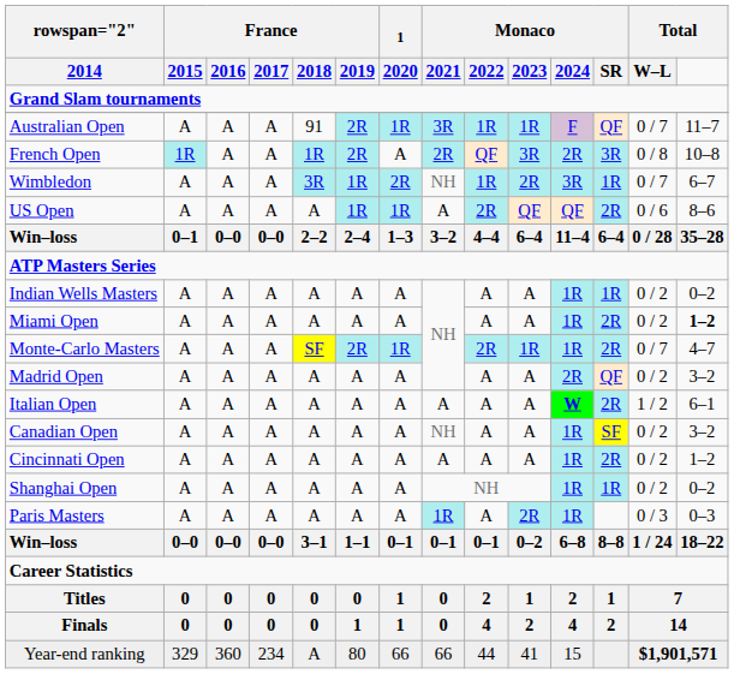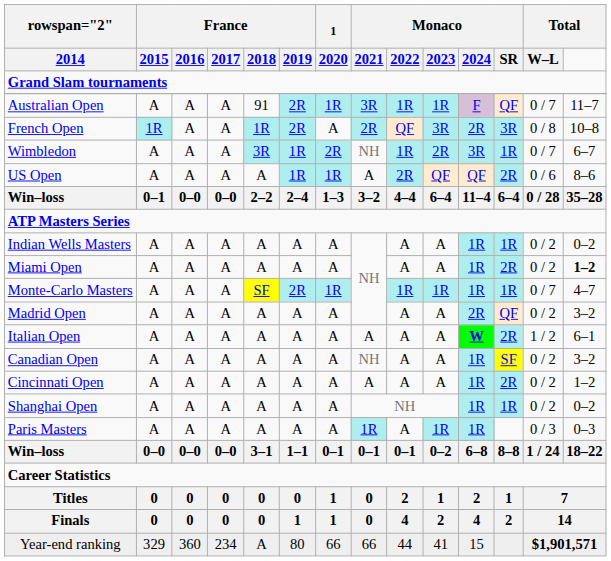 <table class=wikitable style=text-align:center;font-size:100%>
 <tr>
 <th>rowspan="2" </th>
 <th colspan=5> France</th>
 <th><br><sup>1</sup></th>
 <th colspan=5> Monaco</th>
 <th colspan=2>Total</th>
 </tr>
 <tr>
 <th><a href='#'>2014</a></th>
 <th><a href='#'>2015</a></th>
 <th><a href='#'>2016</a></th>
 <th><a href='#'>2017</a></th>
 <th><a href='#'>2018</a></th>
 <th><a href='#'>2019</a></th>
 <th><a href='#'>2020</a></th>
 <th><a href='#'>2021</a></th>
 <th><a href='#'>2022</a></th>
 <th><a href='#'>2023</a></th>
 <th><a href='#'>2024</a></th>
 <th>SR</th>
 <th>W–L</th>
 </tr>
 <tr>
 <td colspan="14" align="left"><strong><a href='#'>Grand Slam tournaments</a></strong></td>
 </tr>
 <tr>
 </tr>
 <tr>
 <td align=left><a href='#'>Australian Open</a></td>
 <td>A</td>
 <td>A</td>
 <td>A</td>
 <td>91</td>
 <td bgcolor=afeeee><a href='#'>2R</a></td>
 <td bgcolor=afeeee><a href='#'>1R</a></td>
 <td bgcolor=afeeee><a href='#'>3R</a></td>
 <td bgcolor=afeeee><a href='#'>1R</a></td>
 <td bgcolor=afeeee><a href='#'>1R</a></td>
 <td bgcolor=thistle><a href='#'>F</a></td>
 <td bgcolor=ffebcd><a href='#'>QF</a></td>
 <td>0 / 7</td>
 <td>11–7</td>
 </tr>
 <tr>
 <td align=left><a href='#'>French Open</a></td>
 <td bgcolor=afeeee><a href='#'>1R</a></td>
 <td>A</td>
 <td>A</td>
 <td bgcolor=afeeee><a href='#'>1R</a></td>
 <td bgcolor=afeeee><a href='#'>2R</a></td>
 <td>A</td>
 <td bgcolor=afeeee><a href='#'>2R</a></td>
 <td bgcolor=ffebcd><a href='#'>QF</a></td>
 <td bgcolor=afeeee><a href='#'>3R</a></td>
 <td bgcolor=afeeee><a href='#'>2R</a></td>
 <td bgcolor=afeeee><a href='#'>3R</a></td>
 <td>0 / 8</td>
 <td>10–8</td>
 </tr>
 <tr>
 <td align=left><a href='#'>Wimbledon</a></td>
 <td>A</td>
 <td>A</td>
 <td>A</td>
 <td bgcolor=afeeee><a href='#'>3R</a></td>
 <td bgcolor=afeeee><a href='#'>1R</a></td>
 <td bgcolor=afeeee><a href='#'>2R</a></td>
 <td style=color:#767676>NH</td>
 <td bgcolor=afeeee><a href='#'>1R</a></td>
 <td bgcolor=afeeee><a href='#'>2R</a></td>
 <td bgcolor=afeeee><a href='#'>3R</a></td>
 <td bgcolor=afeeee><a href='#'>1R</a></td>
 <td>0 / 7</td>
 <td>6–7</td>
 </tr>
 <tr>
 <td align=left><a href='#'>US Open</a></td>
 <td>A</td>
 <td>A</td>
 <td>A</td>
 <td>A</td>
 <td bgcolor=afeeee><a href='#'>1R</a></td>
 <td bgcolor=afeeee><a href='#'>1R</a></td>
 <td>A</td>
 <td bgcolor=afeeee><a href='#'>2R</a></td>
 <td bgcolor=ffebcd><a href='#'>QF</a></td>
 <td bgcolor=ffebcd><a href='#'>QF</a></td>
 <td bgcolor=afeeee><a href='#'>2R</a></td>
 <td>0 / 6</td>
 <td>8–6</td>
 </tr>
 <tr>
 <th style=text-align:left>Win–loss</th>
 <th>0–1</th>
 <th>0–0</th>
 <th>0–0</th>
 <th>2–2</th>
 <th>2–4</th>
 <th>1–3</th>
 <th>3–2</th>
 <th>4–4</th>
 <th>6–4</th>
 <th>11–4</th>
 <th>6–4</th>
 <th>0 / 28</th>
 <th>35–28</th>
 </tr>
 <tr>
 <td colspan="14" align="left"><strong><a href='#'>ATP Masters Series</a></strong></td>
 </tr>
 <tr>
 <td align=left><a href='#'>Indian Wells Masters</a></td>
 <td>A</td>
 <td>A</td>
 <td>A</td>
 <td>A</td>
 <td>A</td>
 <td>A</td>
 <td rowspan="4" style="color:#767676">NH</td>
 <td>A</td>
 <td>A</td>
 <td bgcolor=afeeee><a href='#'>1R</a></td>
 <td bgcolor=afeeee><a href='#'>1R</a></td>
 <td>0 / 2</td>
 <td>0–2</td>
 </tr>
 <tr>
 <td align=left><a href='#'>Miami Open</a></td>
 <td>A</td>
 <td>A</td>
 <td>A</td>
 <td>A</td>
 <td>A</td>
 <td>A</td>
 <td>A</td>
 <td>A</td>
 <td bgcolor=afeeee><a href='#'>1R</a></td>
 <td bgcolor=afeeee><a href='#'>2R</a></td>
 <td>0 / 2</td>
 <td><strong>1–2</strong></td>
 </tr>
 <tr>
 <td><a href='#'>Monte-Carlo Masters</a></td>
 <td>A</td>
 <td>A</td>
 <td>A</td>
 <td bgcolor=yellow><a href='#'>SF</a></td>
 <td bgcolor=afeeee><a href='#'>2R</a></td>
 <td bgcolor=afeeee><a href='#'>1R</a></td>
-<td bgcolor=afeeee><a href='#'>2R</a></td>
 <td bgcolor=afeeee><a href='#'>1R</a></td>
 <td bgcolor=afeeee><a href='#'>1R</a></td>
-<td bgcolor=afeeee><a href='#'>2R</a></td>
+<td bgcolor=afeeee><a href='#'>1R</a></td>
+<td bgcolor=afeeee><a href='#'>1R</a></td>
 <td>0 / 7</td>
 <td>4–7</td>
 </tr>
 <tr>
 <td align=left><a href='#'>Madrid Open</a></td>
 <td>A</td>
 <td>A</td>
 <td>A</td>
 <td>A</td>
 <td>A</td>
 <td>A</td>
 <td>A</td>
 <td>A</td>
 <td bgcolor=afeeee><a href='#'>2R</a></td>
 <td bgcolor=ffebcd><a href='#'>QF</a></td>
 <td>0 / 2</td>
 <td>3–2</td>
 </tr>
 <tr>
 <td align=left><a href='#'>Italian Open</a></td>
 <td>A</td>
 <td>A</td>
 <td>A</td>
 <td>A</td>
 <td>A</td>
 <td>A</td>
 <td>A</td>
 <td>A</td>
 <td>A</td>
 <td bgcolor=lime><strong><a href='#'>W</a></strong></td>
 <td bgcolor=afeeee><a href='#'>2R</a></td>
 <td>1 / 2</td>
 <td>6–1</td>
 </tr>
 <tr>
 <td align=left><a href='#'>Canadian Open</a></td>
 <td>A</td>
 <td>A</td>
 <td>A</td>
 <td>A</td>
 <td>A</td>
 <td>A</td>
 <td style=color:#767676>NH</td>
 <td>A</td>
 <td>A</td>
 <td bgcolor=afeeee><a href='#'>1R</a></td>
 <td bgcolor=yellow><a href='#'>SF</a></td>
 <td>0 / 2</td>
 <td>3–2</td>
 </tr>
 <tr>
 <td align=left><a href='#'>Cincinnati Open</a></td>
 <td>A</td>
 <td>A</td>
 <td>A</td>
 <td>A</td>
 <td>A</td>
 <td>A</td>
 <td>A</td>
 <td>A</td>
 <td>A</td>
 <td bgcolor=afeeee><a href='#'>1R</a></td>
 <td bgcolor=afeeee><a href='#'>2R</a></td>
 <td>0 / 2</td>
 <td>1–2</td>
 </tr>
 <tr>
 <td align=left><a href='#'>Shanghai Open</a></td>
 <td>A</td>
 <td>A</td>
 <td>A</td>
 <td>A</td>
 <td>A</td>
 <td>A</td>
 <td colspan=3 style=color:#767676>NH</td>
 <td bgcolor=afeeee><a href='#'>1R</a></td>
 <td bgcolor=afeeee><a href='#'>1R</a></td>
 <td>0 / 2</td>
 <td>0–2</td>
 </tr>
 <tr>
 <td align=left><a href='#'>Paris Masters</a></td>
 <td>A</td>
 <td>A</td>
 <td>A</td>
 <td>A</td>
 <td>A</td>
 <td>A</td>
 <td bgcolor=afeeee><a href='#'>1R</a></td>
 <td>A</td>
-<td bgcolor=afeeee><a href='#'>2R</a></td>
+<td bgcolor=afeeee><a href='#'>1R</a></td>
 <td bgcolor=afeeee><a href='#'>1R</a></td>
 <td></td>
 <td>0 / 3</td>
 <td>0–3</td>
 </tr>
 <tr>
 <th style=text-align:left>Win–loss</th>
 <th><strong>0–0</strong></th>
 <th><strong>0–0</strong></th>
 <th><strong>0–0</strong></th>
 <th><strong>3–1</strong></th>
 <th><strong>1–1</strong></th>
 <th><strong>0–1</strong></th>
 <th><strong>0–1</strong></th>
 <th><strong>0–1</strong></th>
 <th><strong>0–2</strong></th>
 <th><strong>6–8</strong></th>
 <th><strong>8–8</strong></th>
 <th><strong>1 / 24</strong></th>
 <th><strong>18–22</strong></th>
 </tr>
 <tr>
 <td colspan="14" align="left"><strong>Career Statistics</strong></td>
 </tr>
 <tr>
 <th><strong>Titles</strong></th>
 <th><strong>0</strong></th>
 <th><strong>0</strong></th>
 <th><strong>0</strong></th>
 <th><strong>0</strong></th>
 <th><strong>0</strong></th>
 <th><strong>1</strong></th>
 <th><strong>0</strong></th>
 <th><strong>2</strong></th>
 <th><strong>1</strong></th>
 <th><strong>2</strong></th>
 <th><strong>1</strong></th>
 <th colspan="2"><strong>7</strong></th>
 </tr>
 <tr>
 <th><strong>Finals</strong></th>
 <th><strong>0</strong></th>
 <th><strong>0</strong></th>
 <th><strong>0</strong></th>
 <th><strong>0</strong></th>
 <th><strong>1</strong></th>
 <th><strong>1</strong></th>
 <th><strong>0</strong></th>
 <th><strong>4</strong></th>
 <th><strong>2</strong></th>
 <th><strong>4</strong></th>
 <th><strong>2</strong></th>
 <th colspan="2"><strong>14</strong></th>
 </tr>
 <tr bgcolor=efefef>
 <td>Year-end ranking</td>
 <td>329</td>
 <td>360</td>
 <td>234</td>
 <td>A</td>
 <td>80</td>
 <td>66</td>
 <td>66</td>
 <td>44</td>
 <td>41</td>
 <td>15</td>
 <td></td>
 <td colspan="2"><strong>$1,901,571</strong></td>
 </tr>
 </table>
